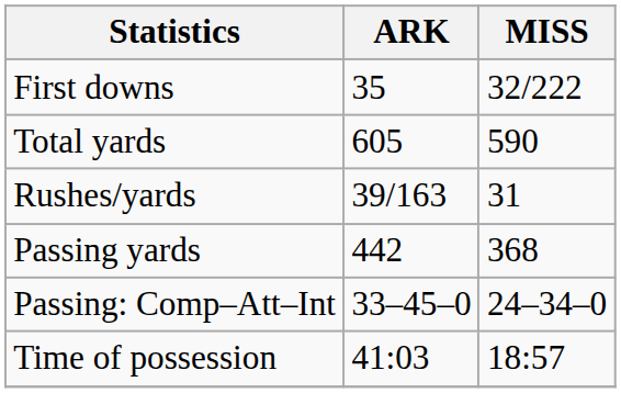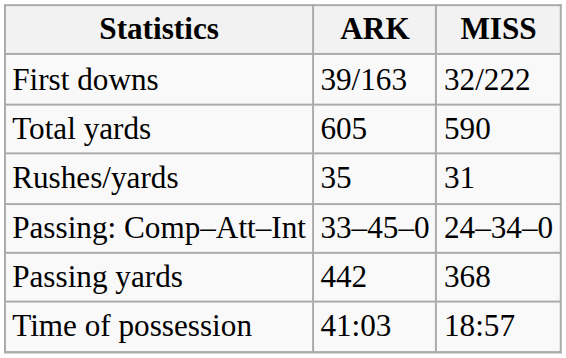 <table class="wikitable" style="float: left;">
 <tr>
 <th>Statistics</th>
 <th>ARK</th>
 <th>MISS</th>
 </tr>
 <tr>
 <td>First downs</td>
-<td>35</td>
+<td>39/163</td>
 <td>32/222</td>
 </tr>
 <tr>
 <td>Total yards</td>
 <td>605</td>
 <td>590</td>
 </tr>
 <tr>
 <td>Rushes/yards</td>
-<td>39/163</td>
+<td>35</td>
 <td>31</td>
+</tr>
+<tr>
+<td>Passing: Comp–Att–Int</td>
+<td>33–45–0</td>
+<td>24–34–0</td>
 </tr>
 <tr>
 <td>Passing yards</td>
 <td>442</td>
 <td>368</td>
-</tr>
-<tr>
-<td>Passing: Comp–Att–Int</td>
-<td>33–45–0</td>
-<td>24–34–0</td>
 </tr>
 <tr>
 <td>Time of possession</td>
 <td>41:03</td>
 <td>18:57</td>
 </tr>
 <tr>
 </tr>
 </table>
